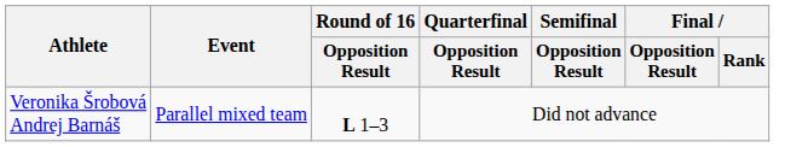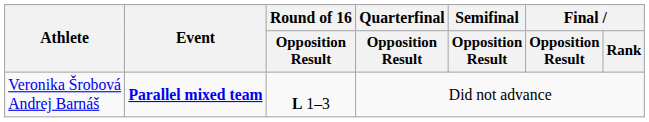 <table class=wikitable style=font-size:90%>
 <tr>
 <th rowspan=2>Athlete</th>
 <th rowspan=2>Event</th>
 <th>Round of 16</th>
 <th>Quarterfinal</th>
 <th>Semifinal</th>
 <th colspan=2>Final / </th>
 </tr>
 <tr style=font-size:95%>
 <th>Opposition<br>Result</th>
 <th>Opposition<br>Result</th>
 <th>Opposition<br>Result</th>
 <th>Opposition<br>Result</th>
 <th>Rank</th>
 </tr>
 <tr align=center>
 <td align=left><a href='#'>Veronika Šrobová</a><br><a href='#'>Andrej Barnáš</a></td>
-<td align=left><a href='#'>Parallel mixed team</a></td>
+<td align=left><strong><a href='#'>Parallel mixed team</a></strong></td>
 <td><br><strong>L</strong> 1–3</td>
 <td colspan=4>Did not advance</td>
 </tr>
 </table>
